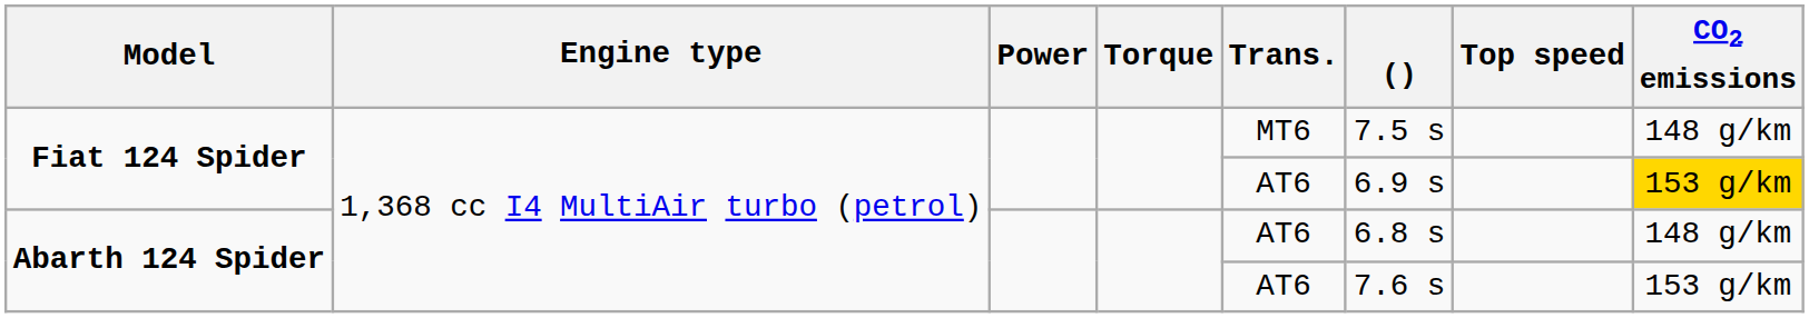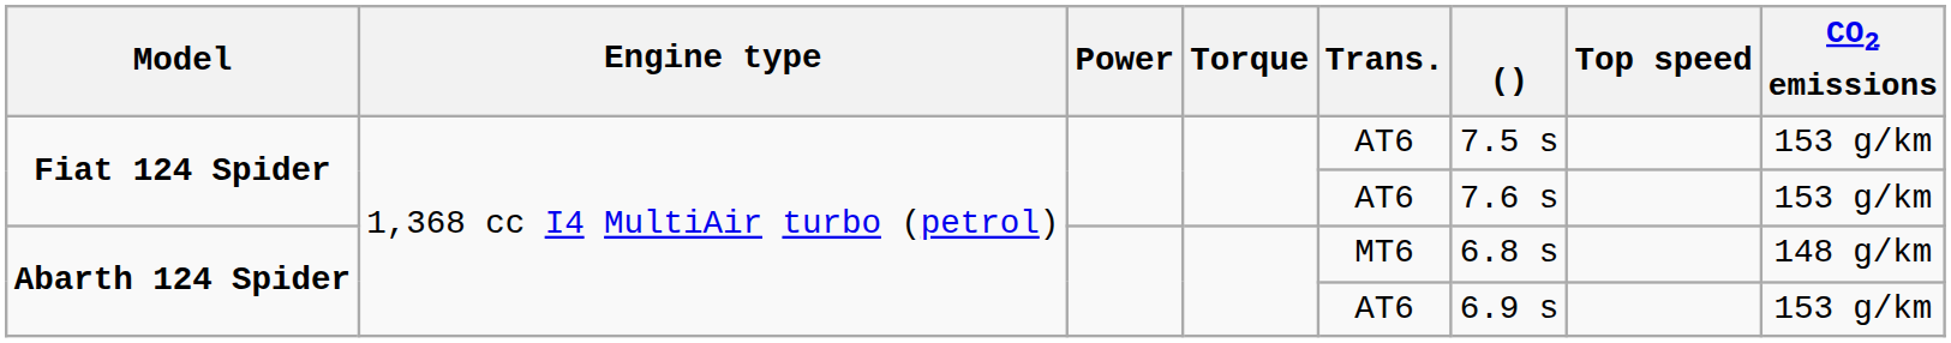 <table class="wikitable" style="text-align:center; font-size:90%;">
 <tr>
 <th>Model</th>
 <th style="line-height:1.3em;">Engine type</th>
 <th>Power</th>
 <th>Torque</th>
 <th>Trans.</th>
 <th style="line-height:1.3em; font-size:95%;"><br>()</th>
 <th>Top speed</th>
 <th style="line-height:1.3em; font-size:95%;"><a href='#'>CO<sub>2</sub></a><br>emissions</th>
 </tr>
 <tr>
 <td rowspan=2><strong>Fiat 124 Spider</strong></td>
 <td rowspan=4>1,368 cc <a href='#'>I4</a> <a href='#'>MultiAir</a> <a href='#'>turbo</a> (<a href='#'>petrol</a>)</td>
 <td rowspan=2> </td>
 <td rowspan=2> </td>
+<td>AT6</td>
+<td>7.5 s</td>
+<td></td>
+<td>153 g/km</td>
+</tr>
+<tr>
+<td>AT6</td>
+<td>7.6 s</td>
+<td></td>
+<td>153 g/km</td>
+</tr>
+<tr>
+<td rowspan=2><strong>Abarth 124 Spider</strong></td>
+<td rowspan=2> </td>
+<td rowspan=2> </td>
 <td>MT6</td>
-<td>7.5 s</td>
+<td>6.8 s</td>
 <td></td>
 <td>148 g/km</td>
 </tr>
 <tr>
 <td>AT6</td>
 <td>6.9 s</td>
 <td></td>
-<td style="background: gold;">153 g/km</td>
-</tr>
-<tr>
-<td rowspan=2><strong>Abarth 124 Spider</strong></td>
-<td rowspan=2> </td>
-<td rowspan=2> </td>
-<td>AT6</td>
-<td>6.8 s</td>
-<td></td>
-<td>148 g/km</td>
-</tr>
-<tr>
-<td>AT6</td>
-<td>7.6 s</td>
-<td></td>
 <td>153 g/km</td>
 </tr>
 </table>
